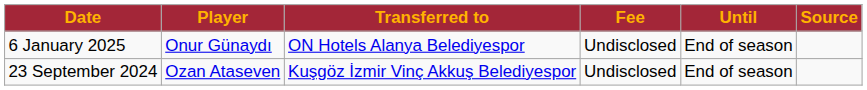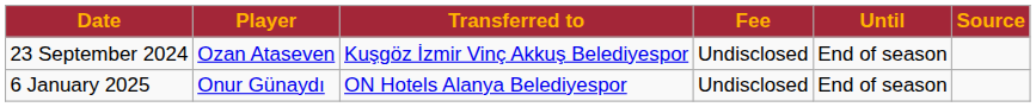 <table class="wikitable plainrowheaders sortable">
 <tr>
 <th style="background:#A32638; color:#FFB300; ">Date</th>
 <th style="background:#A32638; color:#FFB300; ">Player</th>
 <th style="background:#A32638; color:#FFB300; ">Transferred to</th>
 <th style="background:#A32638; color:#FFB300; ">Fee</th>
 <th style="background:#A32638; color:#FFB300; ">Until</th>
 <th style="background:#A32638; color:#FFB300; ">Source</th>
 </tr>
 <tr>
+<td>23 September 2024</td>
+<td align=left> <a href='#'>Ozan Ataseven</a></td>
+<td align=left> <a href='#'>Kuşgöz İzmir Vinç Akkuş Belediyespor</a></td>
+<td>Undisclosed</td>
+<td>End of season</td>
+<td></td>
+</tr>
+<tr>
 <td>6 January 2025</td>
 <td align=left> <a href='#'>Onur Günaydı</a></td>
 <td align=left> <a href='#'>ON Hotels Alanya Belediyespor</a></td>
 <td>Undisclosed</td>
 <td>End of season</td>
 <td></td>
 </tr>
-<tr>
-<td>23 September 2024</td>
-<td align=left> <a href='#'>Ozan Ataseven</a></td>
-<td align=left> <a href='#'>Kuşgöz İzmir Vinç Akkuş Belediyespor</a></td>
-<td>Undisclosed</td>
-<td>End of season</td>
-<td></td>
-</tr>
 </table>
